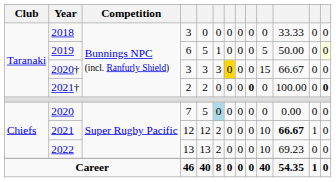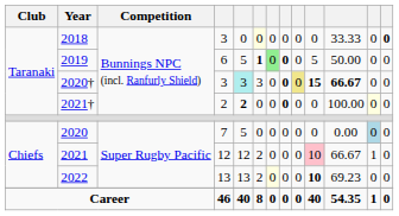 <table class="wikitable sortable" style="text-align:center; font-size:95%">
 <tr>
 <th>Club</th>
 <th>Year</th>
 <th>Competition</th>
 <th></th>
 <th></th>
 <th></th>
 <th></th>
 <th></th>
 <th></th>
 <th></th>
 <th></th>
 <th></th>
 <th></th>
 </tr>
 <tr>
 <td rowspan=4 style="text-align:left;"><a href='#'>Taranaki</a></td>
 <td style="text-align:left;"><a href='#'>2018</a></td>
 <td rowspan=4 style="text-align:left;"><a href='#'>Bunnings NPC</a><br><small>(incl. <a href='#'>Ranfurly Shield</a>)</small></td>
 <td>3</td>
 <td>0</td>
-<td>0</td>
+<td style="background: lightyellow;">0</td>
 <td>0</td>
 <td>0</td>
 <td>0</td>
 <td>0</td>
 <td>33.33</td>
 <td>0</td>
-<td>0</td>
+<td><strong>0</strong></td>
 </tr>
 <tr>
 <td style="text-align:left;"><a href='#'>2019</a></td>
 <td>6</td>
 <td>5</td>
-<td>1</td>
-<td>0</td>
-<td>0</td>
+<td><strong>1</strong></td>
+<td style="background: lightgreen;">0</td>
+<td><strong>0</strong></td>
 <td>0</td>
 <td>5</td>
 <td>50.00</td>
 <td>0</td>
-<td style="background: lightyellow;">0</td>
+<td>0</td>
 </tr>
 <tr>
 <td style="text-align:left;"><a href='#'>2020</a>†</td>
 <td>3</td>
+<td style="background: paleturquoise;">3</td>
 <td>3</td>
-<td>3</td>
-<td style="background: gold;">0</td>
 <td>0</td>
-<td>0</td>
-<td>15</td>
-<td>66.67</td>
+<td><strong>0</strong></td>
+<td style="background: khaki;">0</td>
+<td><strong>15</strong></td>
+<td><strong>66.67</strong></td>
 <td>0</td>
 <td>0</td>
 </tr>
 <tr>
 <td style="text-align:left;"><a href='#'>2021</a>†</td>
 <td>2</td>
-<td>2</td>
-<td>0</td>
+<td><strong>2</strong></td>
 <td>0</td>
 <td>0</td>
 <td><strong>0</strong></td>
 <td>0</td>
+<td>0</td>
 <td>100.00</td>
+<td style="background: lightyellow;">0</td>
 <td>0</td>
-<td><strong>0</strong></td>
 </tr>
 <tr>
 <td colspan=13 style="background-color: #DDDDDD"></td>
 </tr>
 <tr>
 <td rowspan=3 style="text-align:left;"><a href='#'>Chiefs</a></td>
 <td style="text-align:left;"><a href='#'>2020</a></td>
 <td rowspan=3 style="text-align:left;"><a href='#'>Super Rugby Pacific</a></td>
 <td>7</td>
 <td>5</td>
-<td style="background: lightblue;">0</td>
+<td>0</td>
 <td>0</td>
 <td>0</td>
 <td>0</td>
 <td>0</td>
 <td>0.00</td>
-<td>0</td>
+<td style="background: lightblue;">0</td>
 <td>0</td>
 </tr>
 <tr>
 <td style="text-align:left;"><a href='#'>2021</a></td>
 <td>12</td>
 <td>12</td>
 <td>2</td>
 <td>0</td>
 <td>0</td>
 <td>0</td>
-<td>10</td>
-<td><strong>66.67</strong></td>
+<td style="background: pink;">10</td>
+<td>66.67</td>
 <td>1</td>
 <td>0</td>
 </tr>
 <tr>
 <td style="text-align:left;"><a href='#'>2022</a></td>
 <td>13</td>
 <td>13</td>
 <td>2</td>
+<td style="background: lightyellow;">0</td>
 <td>0</td>
 <td>0</td>
-<td>0</td>
-<td>10</td>
+<td><strong>10</strong></td>
 <td>69.23</td>
 <td>0</td>
 <td>0</td>
 </tr>
 <tr>
 </tr>
 <tr class="sortbottom" valign="top">
 <td colspan=3 style="text-align: center"><strong>Career</strong></td>
 <td><strong>46</strong></td>
 <td><strong>40</strong></td>
 <td><strong>8</strong></td>
 <td><strong>0</strong></td>
 <td><strong>0</strong></td>
 <td><strong>0</strong></td>
 <td><strong>40</strong></td>
 <td><strong>54.35</strong></td>
 <td><strong>1</strong></td>
 <td><strong>0</strong></td>
 </tr>
 </table>
